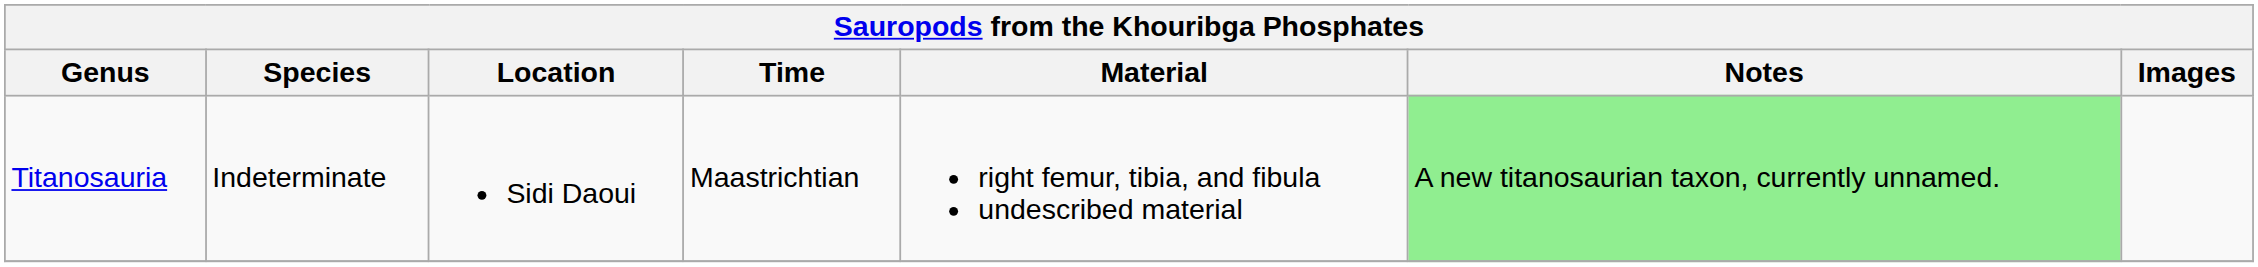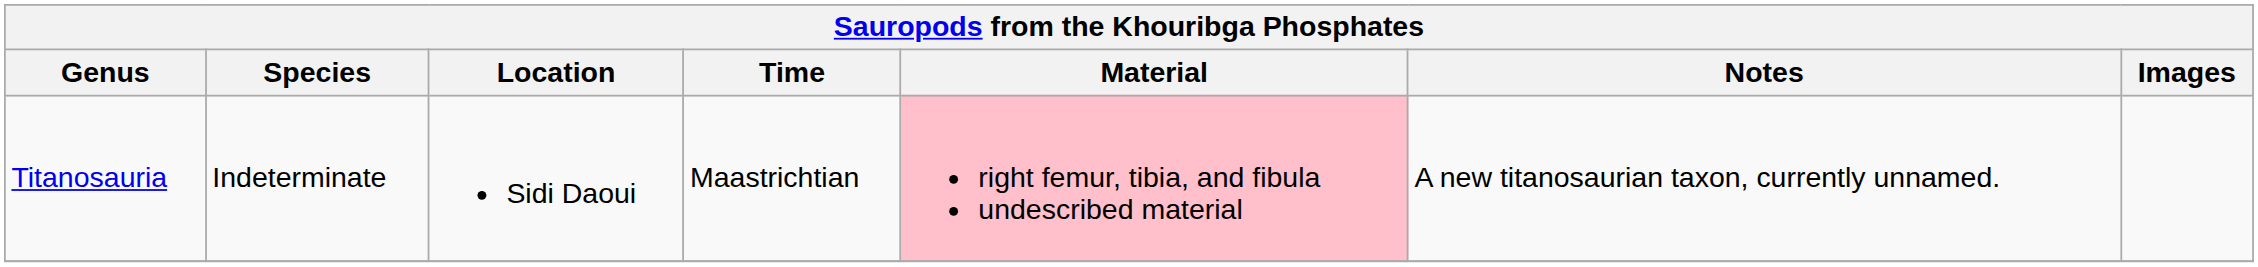 <table class="wikitable"  style="margin:auto; width:100%;">
 <tr>
 <th colspan="7" align="center"><strong><a href='#'>Sauropods</a> from the Khouribga Phosphates</strong></th>
 </tr>
 <tr>
 <th>Genus</th>
 <th>Species</th>
 <th>Location</th>
 <th>Time</th>
 <th>Material</th>
 <th>Notes</th>
 <th>Images</th>
 </tr>
 <tr>
 <td><a href='#'>Titanosauria</a></td>
 <td>Indeterminate</td>
 <td><br><ul><li>Sidi Daoui</li></ul></td>
 <td>Maastrichtian</td>
-<td><br><ul><li>right femur, tibia, and fibula</li><li>undescribed material</li></ul></td>
-<td style="background: lightgreen;">A new titanosaurian taxon, currently unnamed.</td>
+<td style="background: pink;"><br><ul><li>right femur, tibia, and fibula</li><li>undescribed material</li></ul></td>
+<td>A new titanosaurian taxon, currently unnamed.</td>
 <td></td>
 </tr>
 <tr>
 </tr>
 </table>
